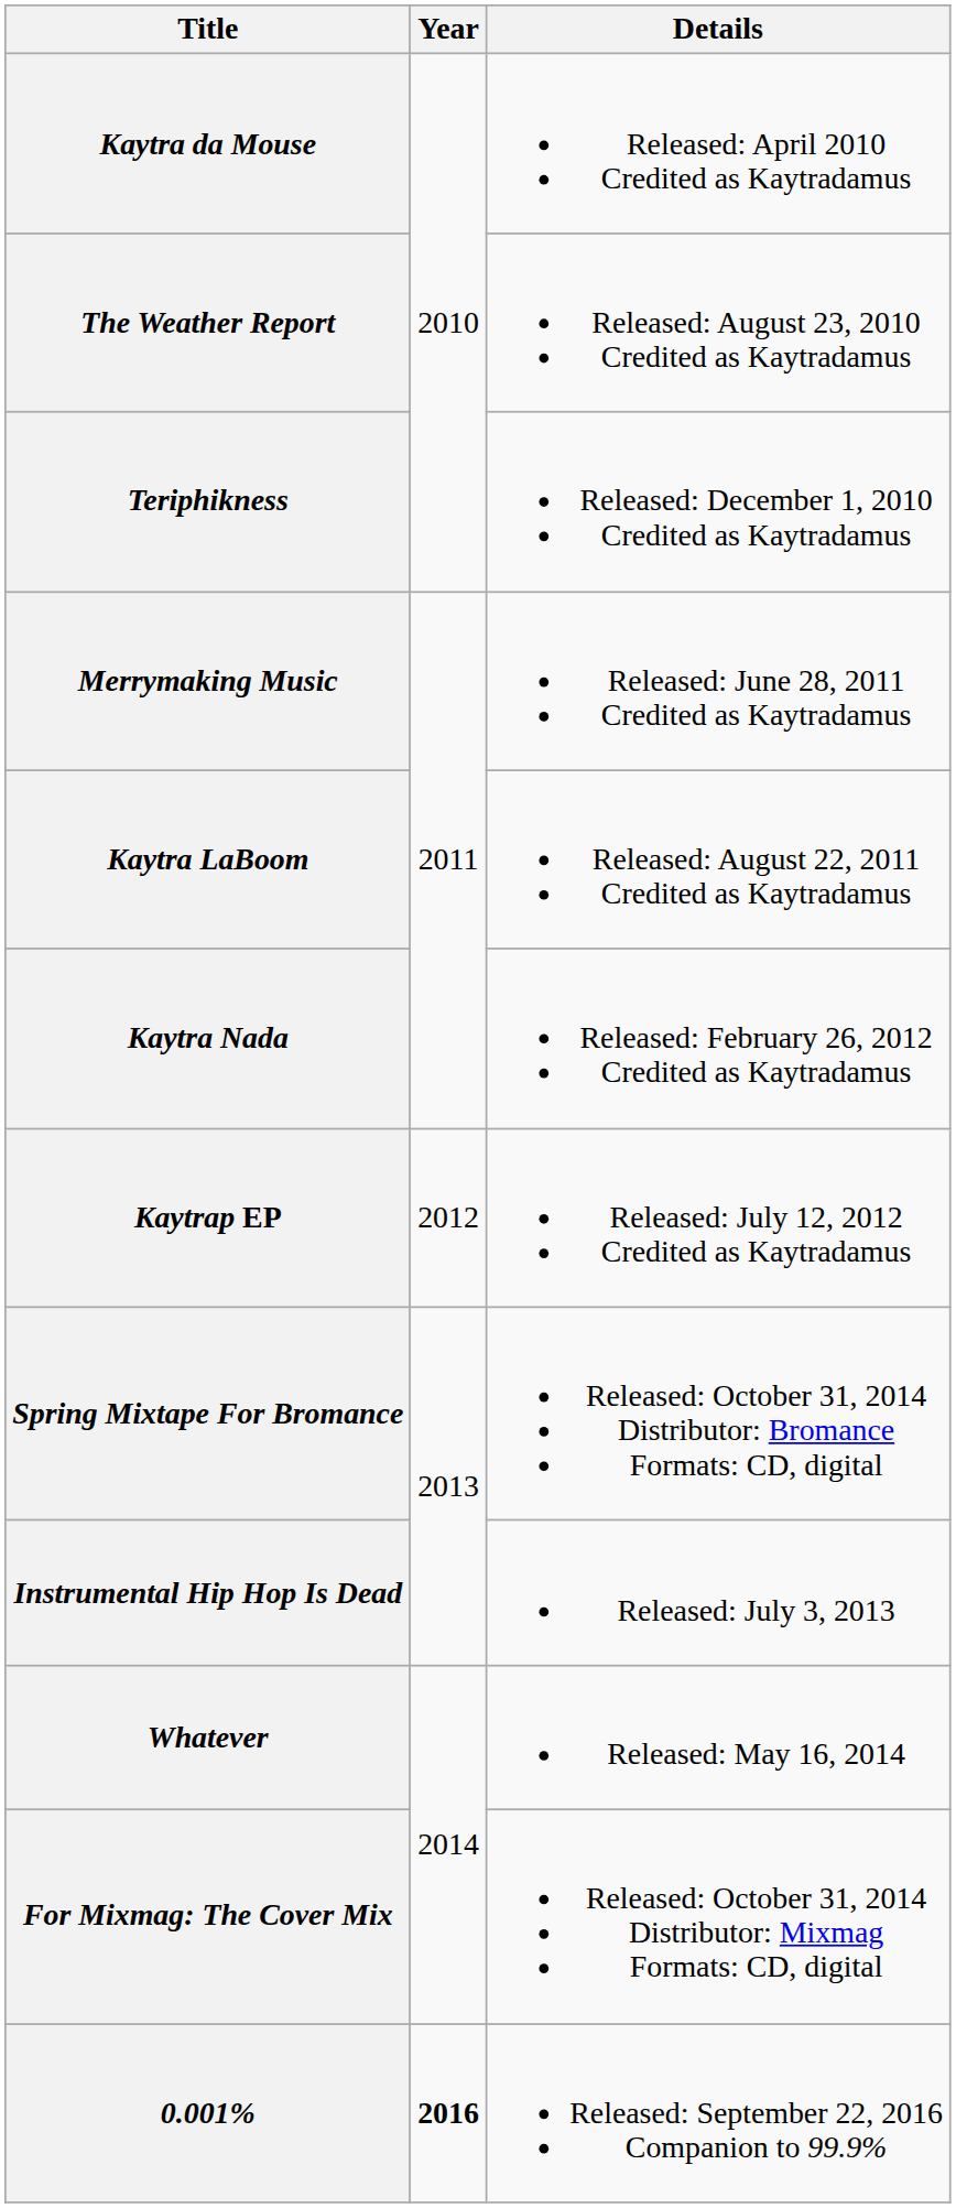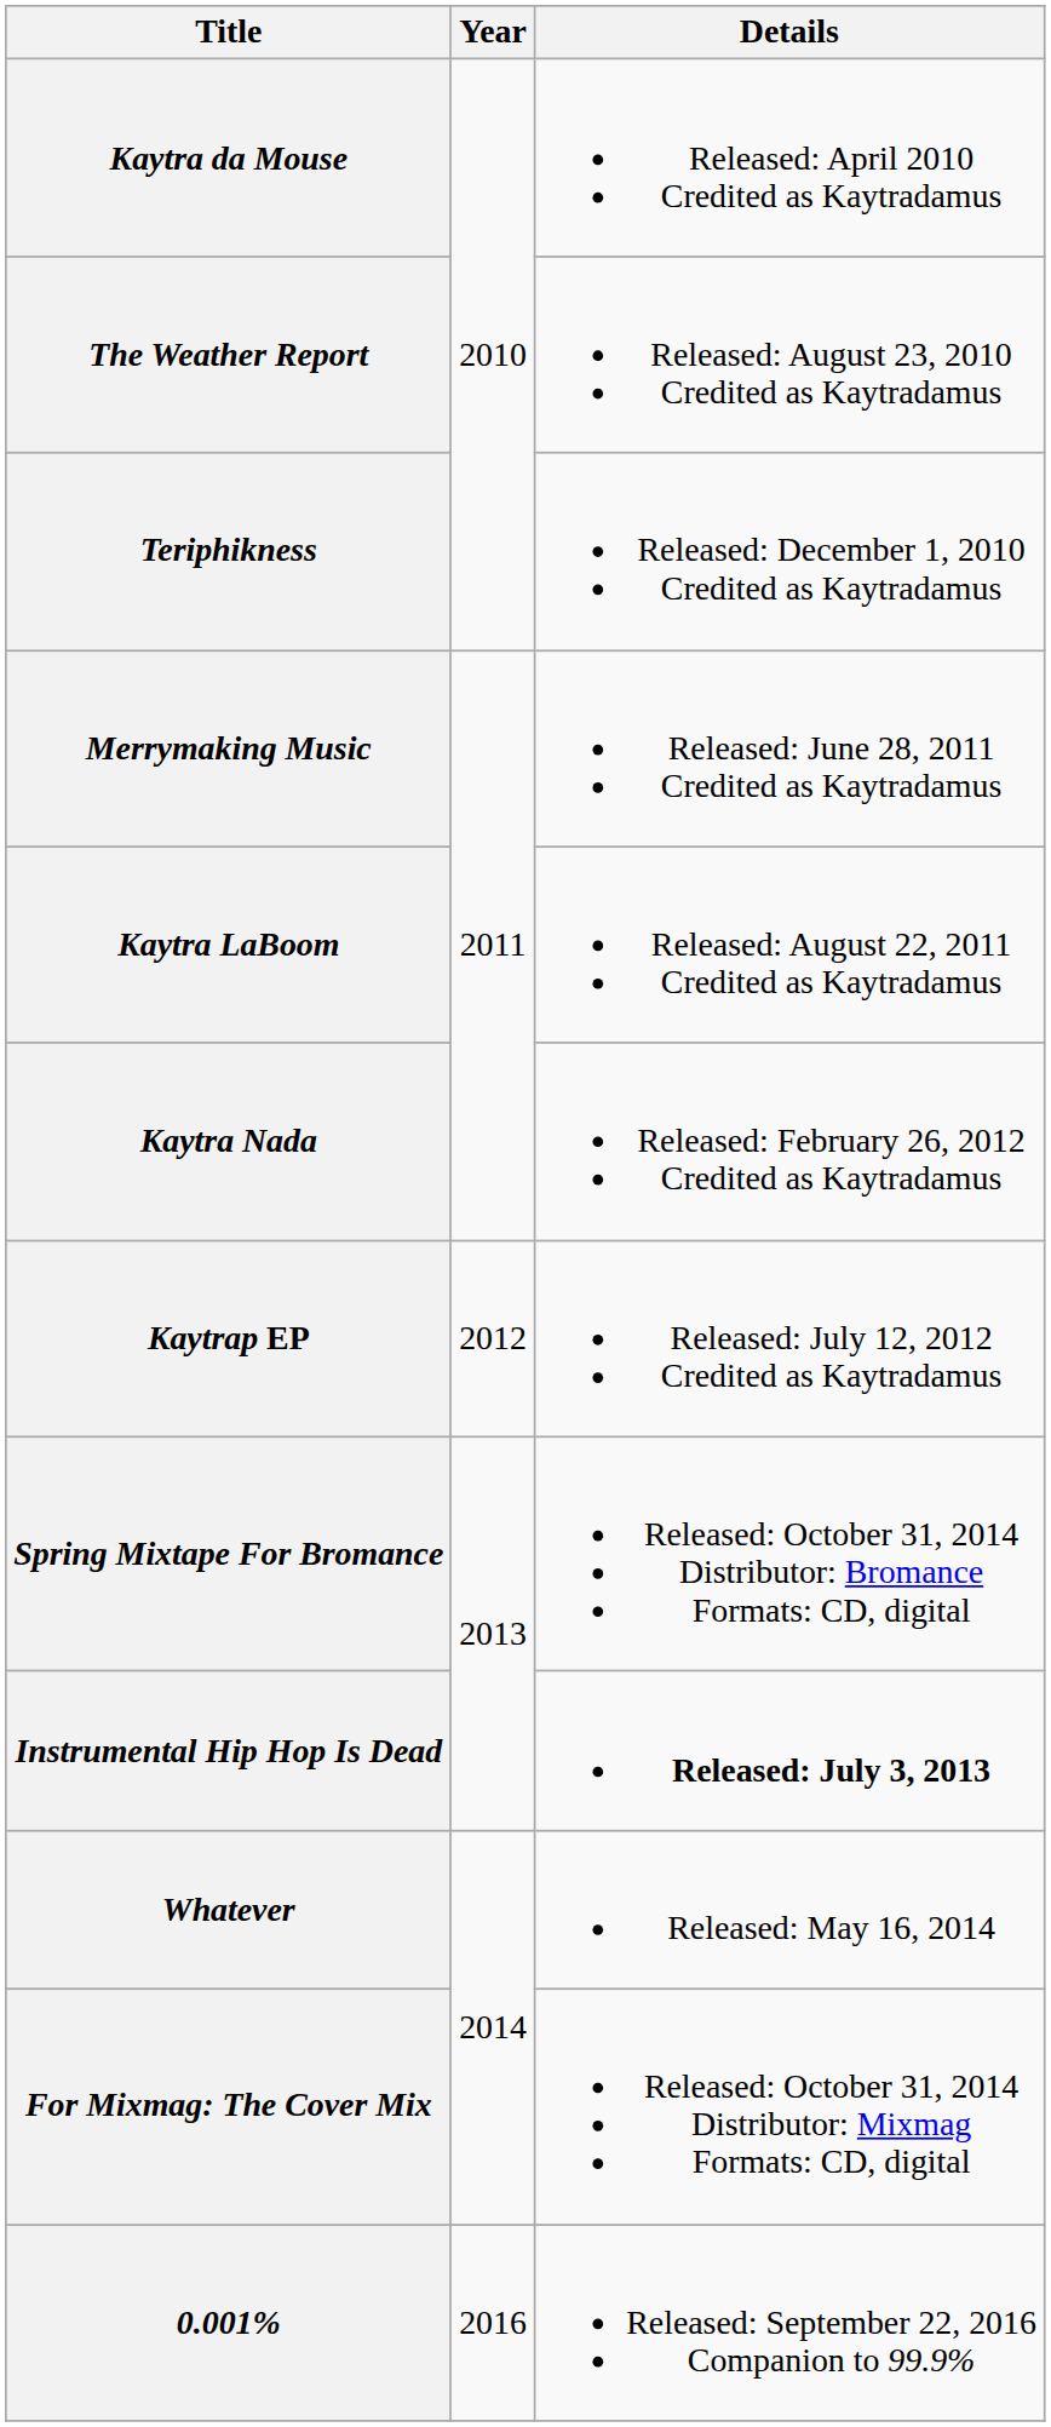 <table class="wikitable plainrowheaders" style="text-align:center;">
 <tr>
 <th>Title</th>
 <th>Year</th>
 <th>Details</th>
 </tr>
 <tr>
 <th scope="row"><em>Kaytra da Mouse</em></th>
 <td rowspan="3">2010</td>
 <td><br><ul><li>Released: April 2010</li><li>Credited as Kaytradamus</li></ul></td>
 </tr>
 <tr>
 <th scope="row"><em>The Weather Report</em></th>
 <td><br><ul><li>Released: August 23, 2010</li><li>Credited as Kaytradamus</li></ul></td>
 </tr>
 <tr>
 <th scope="row"><em>Teriphikness</em></th>
 <td><br><ul><li>Released: December 1, 2010</li><li>Credited as Kaytradamus</li></ul></td>
 </tr>
 <tr>
 <th scope="row"><em>Merrymaking Music</em></th>
 <td rowspan="3">2011</td>
 <td><br><ul><li>Released: June 28, 2011</li><li>Credited as Kaytradamus</li></ul></td>
 </tr>
 <tr>
 <th scope="row"><em>Kaytra LaBoom</em></th>
 <td><br><ul><li>Released: August 22, 2011</li><li>Credited as Kaytradamus</li></ul></td>
 </tr>
 <tr>
 <th scope="row"><em>Kaytra Nada</em></th>
 <td><br><ul><li>Released: February 26, 2012</li><li>Credited as Kaytradamus</li></ul></td>
 </tr>
 <tr>
 <th scope="row"><em>Kaytrap</em> EP</th>
 <td>2012</td>
 <td><br><ul><li>Released: July 12, 2012</li><li>Credited as Kaytradamus</li></ul></td>
 </tr>
 <tr>
 <th scope="row"><em>Spring Mixtape For Bromance</em></th>
 <td rowspan="2">2013</td>
 <td><br><ul><li>Released: October 31, 2014</li><li>Distributor: <a href='#'>Bromance</a></li><li>Formats: CD, digital</li></ul></td>
 </tr>
 <tr>
 <th scope="row"><em>Instrumental Hip Hop Is Dead</em></th>
-<td><br><ul><li>Released: July 3, 2013</li></ul></td>
+<td><strong><br><ul><li>Released: July 3, 2013</li></ul></strong></td>
 </tr>
 <tr>
 <th scope="row"><em>Whatever</em></th>
 <td rowspan="2">2014</td>
 <td><br><ul><li>Released: May 16, 2014</li></ul></td>
 </tr>
 <tr>
 <th scope="row"><em>For Mixmag: The Cover Mix</em></th>
 <td><br><ul><li>Released: October 31, 2014</li><li>Distributor: <a href='#'>Mixmag</a></li><li>Formats: CD, digital</li></ul></td>
 </tr>
 <tr>
 <th scope="row"><em>0.001%</em></th>
-<td><strong>2016</strong></td>
+<td>2016</td>
 <td><br><ul><li>Released: September 22, 2016</li><li>Companion to <em>99.9%</em></li></ul></td>
 </tr>
 </table>
